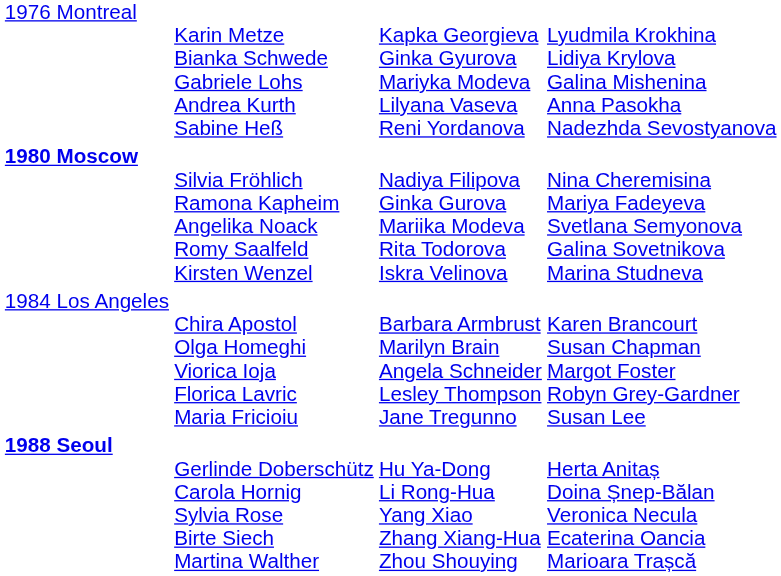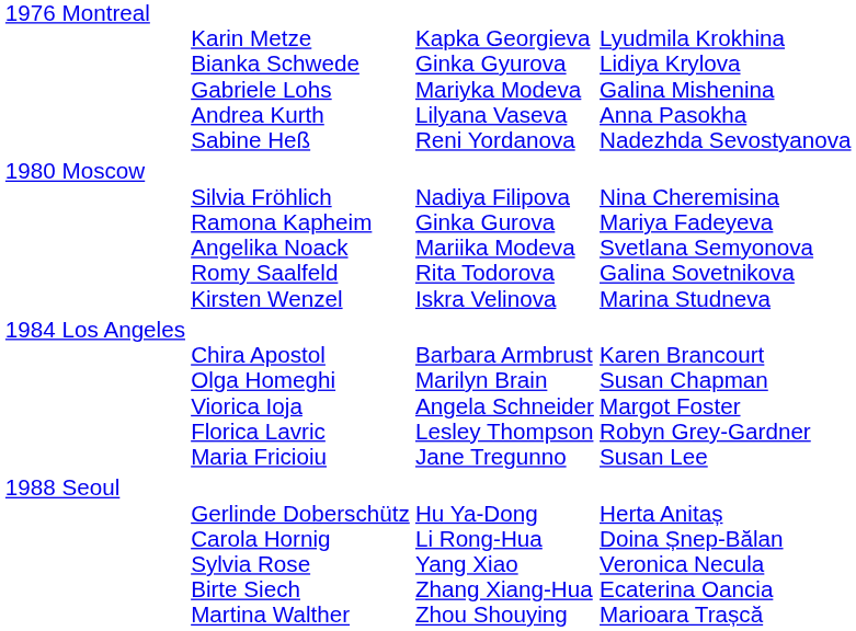 <table>
 <tr valign="top">
 <td><a href='#'>1976 Montreal</a><br></td>
 <td><br><a href='#'>Karin Metze</a><br><a href='#'>Bianka Schwede</a><br><a href='#'>Gabriele Lohs</a><br><a href='#'>Andrea Kurth</a><br><a href='#'>Sabine Heß</a></td>
 <td><br><a href='#'>Kapka Georgieva</a><br><a href='#'>Ginka Gyurova</a><br><a href='#'>Mariyka Modeva</a><br><a href='#'>Lilyana Vaseva</a><br><a href='#'>Reni Yordanova</a></td>
 <td><br><a href='#'>Lyudmila Krokhina</a><br><a href='#'>Lidiya Krylova</a><br><a href='#'>Galina Mishenina</a><br><a href='#'>Anna Pasokha</a><br><a href='#'>Nadezhda Sevostyanova</a></td>
 </tr>
 <tr valign="top">
-<td><strong><a href='#'>1980 Moscow</a><br></strong></td>
+<td><a href='#'>1980 Moscow</a><br></td>
 <td><br><a href='#'>Silvia Fröhlich</a><br><a href='#'>Ramona Kapheim</a><br><a href='#'>Angelika Noack</a><br><a href='#'>Romy Saalfeld</a><br><a href='#'>Kirsten Wenzel</a></td>
 <td><br><a href='#'>Nadiya Filipova</a><br><a href='#'>Ginka Gurova</a><br><a href='#'>Mariika Modeva</a><br><a href='#'>Rita Todorova</a><br><a href='#'>Iskra Velinova</a></td>
 <td><br><a href='#'>Nina Cheremisina</a><br><a href='#'>Mariya Fadeyeva</a><br><a href='#'>Svetlana Semyonova</a><br><a href='#'>Galina Sovetnikova</a><br><a href='#'>Marina Studneva</a></td>
 </tr>
 <tr valign="top">
 <td><a href='#'>1984 Los Angeles</a><br></td>
 <td><br><a href='#'>Chira Apostol</a><br><a href='#'>Olga Homeghi</a><br><a href='#'>Viorica Ioja</a><br><a href='#'>Florica Lavric</a><br><a href='#'>Maria Fricioiu</a></td>
 <td><br><a href='#'>Barbara Armbrust</a><br><a href='#'>Marilyn Brain</a><br><a href='#'>Angela Schneider</a><br><a href='#'>Lesley Thompson</a><br><a href='#'>Jane Tregunno</a></td>
 <td><br><a href='#'>Karen Brancourt</a><br><a href='#'>Susan Chapman</a><br><a href='#'>Margot Foster</a><br><a href='#'>Robyn Grey-Gardner</a><br><a href='#'>Susan Lee</a></td>
 </tr>
 <tr valign="top">
-<td><strong><a href='#'>1988 Seoul</a><br></strong></td>
+<td><a href='#'>1988 Seoul</a><br></td>
 <td><br><a href='#'>Gerlinde Doberschütz</a><br><a href='#'>Carola Hornig</a><br><a href='#'>Sylvia Rose</a><br><a href='#'>Birte Siech</a><br><a href='#'>Martina Walther</a></td>
 <td><br><a href='#'>Hu Ya-Dong</a><br><a href='#'>Li Rong-Hua</a><br><a href='#'>Yang Xiao</a><br><a href='#'>Zhang Xiang-Hua</a><br><a href='#'>Zhou Shouying</a></td>
 <td><br><a href='#'>Herta Anitaș</a><br><a href='#'>Doina Șnep-Bălan</a><br><a href='#'>Veronica Necula</a><br><a href='#'>Ecaterina Oancia</a><br><a href='#'>Marioara Trașcă</a></td>
 </tr>
 </table>
